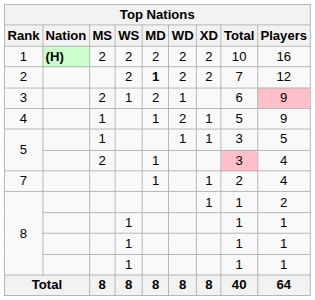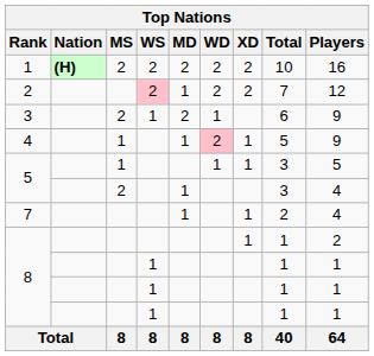 <table class="wikitable" style="text-align:center">
 <tr>
 <th colspan="11">Top Nations</th>
 </tr>
 <tr>
 <th>Rank</th>
 <th>Nation</th>
 <th>MS</th>
 <th>WS</th>
 <th>MD</th>
 <th>WD</th>
 <th>XD</th>
 <th>Total</th>
 <th>Players</th>
 </tr>
 <tr>
 <td>1</td>
 <td align="left" bgcolor="#ccffcc"> <strong>(H)</strong></td>
 <td>2</td>
 <td>2</td>
 <td>2</td>
 <td>2</td>
 <td>2</td>
 <td>10</td>
 <td>16</td>
 </tr>
 <tr>
 <td>2</td>
 <td align="left"></td>
 <td></td>
-<td>2</td>
-<td><strong>1</strong></td>
+<td style="background: pink;">2</td>
+<td>1</td>
 <td>2</td>
 <td>2</td>
 <td>7</td>
 <td>12</td>
 </tr>
 <tr>
 <td>3</td>
 <td align="left"></td>
 <td>2</td>
 <td>1</td>
 <td>2</td>
 <td>1</td>
 <td></td>
 <td>6</td>
-<td style="background: pink;">9</td>
+<td>9</td>
 </tr>
 <tr>
 <td>4</td>
 <td align="left"></td>
 <td>1</td>
 <td></td>
 <td>1</td>
-<td>2</td>
+<td style="background: pink;">2</td>
 <td>1</td>
 <td>5</td>
 <td>9</td>
 </tr>
 <tr>
 <td rowspan="2">5</td>
 <td align="left"></td>
 <td>1</td>
 <td></td>
 <td></td>
 <td>1</td>
 <td>1</td>
 <td>3</td>
 <td>5</td>
 </tr>
 <tr>
 <td align="left"></td>
 <td>2</td>
 <td></td>
 <td>1</td>
 <td></td>
 <td></td>
-<td style="background: pink;">3</td>
+<td>3</td>
 <td>4</td>
 </tr>
 <tr>
 <td>7</td>
 <td align="left"></td>
 <td></td>
 <td></td>
 <td>1</td>
 <td></td>
 <td>1</td>
 <td>2</td>
 <td>4</td>
 </tr>
 <tr>
 <td rowspan="4">8</td>
 <td align="left"></td>
 <td></td>
 <td></td>
 <td></td>
 <td></td>
 <td>1</td>
 <td>1</td>
 <td>2</td>
 </tr>
 <tr>
 <td align="left"></td>
 <td></td>
 <td>1</td>
 <td></td>
 <td></td>
 <td></td>
 <td>1</td>
 <td>1</td>
 </tr>
 <tr>
 <td align="left"></td>
 <td></td>
 <td>1</td>
 <td></td>
 <td></td>
 <td></td>
 <td>1</td>
 <td>1</td>
 </tr>
 <tr>
 <td align="left"></td>
 <td></td>
 <td>1</td>
 <td></td>
 <td></td>
 <td></td>
 <td>1</td>
 <td>1</td>
 </tr>
 <tr>
 <th colspan="2">Total</th>
 <th>8</th>
 <th>8</th>
 <th>8</th>
 <th>8</th>
 <th>8</th>
 <th>40</th>
 <th>64</th>
 </tr>
 </table>
